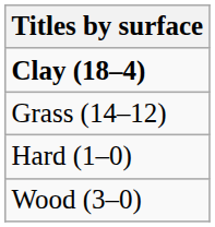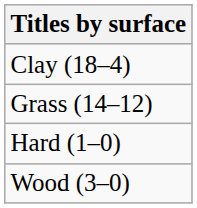 <table class=wikitable>
 <tr>
 <th>Titles by surface</th>
 </tr>
 <tr>
-<td><strong>Clay (18–4)</strong></td>
+<td>Clay (18–4)</td>
 </tr>
 <tr>
 <td>Grass (14–12)</td>
 </tr>
 <tr>
 <td>Hard (1–0)</td>
 </tr>
 <tr>
 <td>Wood (3–0)</td>
 </tr>
 </table>
